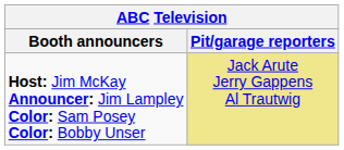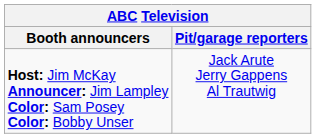 <table class="wikitable" style="font-size: 95%;">
 <tr>
 <th colspan=2><a href='#'>ABC</a> <a href='#'>Television</a></th>
 </tr>
 <tr>
 <th>Booth announcers</th>
 <th><a href='#'>Pit/garage reporters</a></th>
 </tr>
 <tr>
 <td valign="top"><br><strong>Host:</strong> <a href='#'>Jim McKay</a><br> <strong><a href='#'>Announcer</a>:</strong> <a href='#'>Jim Lampley</a><br> <strong><a href='#'>Color</a>:</strong> <a href='#'>Sam Posey</a><br> <strong><a href='#'>Color</a>:</strong> <a href='#'>Bobby Unser</a><br></td>
-<td align="center" valign="top" style="background: khaki;"><a href='#'>Jack Arute</a><br><a href='#'>Jerry Gappens</a><br><a href='#'>Al Trautwig</a><br></td>
+<td align="center" valign="top"><a href='#'>Jack Arute</a><br><a href='#'>Jerry Gappens</a><br><a href='#'>Al Trautwig</a><br></td>
 </tr>
 </table>
